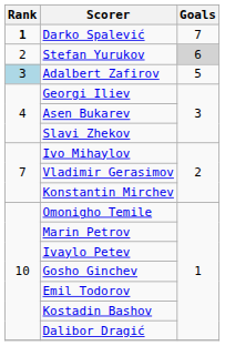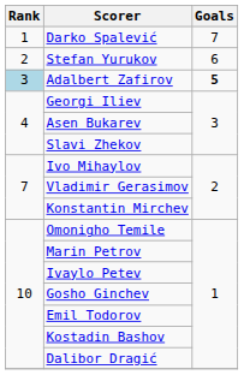 <table class="wikitable" style="text-align:center">
 <tr>
 <th>Rank</th>
 <th>Scorer</th>
 <th>Goals</th>
 </tr>
 <tr>
-<td rowspan="1"><strong>1</strong></td>
+<td rowspan="1">1</td>
 <td align=left> <a href='#'>Darko Spalević</a></td>
 <td rowspan="1">7</td>
 </tr>
 <tr>
 <td rowspan="1">2</td>
 <td align=left> <a href='#'>Stefan Yurukov</a></td>
-<td rowspan="1" style="background: lightgrey;">6</td>
+<td rowspan="1">6</td>
 </tr>
 <tr>
 <td rowspan="1" style="background: lightblue;">3</td>
 <td align=left> <a href='#'>Adalbert Zafirov</a></td>
-<td rowspan="1">5</td>
+<td rowspan="1"><strong>5</strong></td>
 </tr>
 <tr>
 <td rowspan="3">4</td>
 <td align=left> <a href='#'>Georgi Iliev</a></td>
 <td rowspan="3">3</td>
 </tr>
 <tr>
 <td align=left> <a href='#'>Asen Bukarev</a></td>
 </tr>
 <tr>
 <td align=left> <a href='#'>Slavi Zhekov</a></td>
 </tr>
 <tr>
 <td rowspan="3">7</td>
 <td align=left> <a href='#'>Ivo Mihaylov</a></td>
 <td rowspan="3">2</td>
 </tr>
 <tr>
 <td align=left> <a href='#'>Vladimir Gerasimov</a></td>
 </tr>
 <tr>
 <td align=left> <a href='#'>Konstantin Mirchev</a></td>
 </tr>
 <tr>
 <td rowspan="7">10</td>
 <td align=left> <a href='#'>Omonigho Temile</a></td>
 <td rowspan="7">1</td>
 </tr>
 <tr>
 <td align=left> <a href='#'>Marin Petrov</a></td>
 </tr>
 <tr>
 <td align=left> <a href='#'>Ivaylo Petev</a></td>
 </tr>
 <tr>
 <td align=left> <a href='#'>Gosho Ginchev</a></td>
 </tr>
 <tr>
 <td align=left> <a href='#'>Emil Todorov</a></td>
 </tr>
 <tr>
 <td align=left> <a href='#'>Kostadin Bashov</a></td>
 </tr>
 <tr>
 <td align=left> <a href='#'>Dalibor Dragić</a></td>
 </tr>
 <tr>
 </tr>
 </table>
